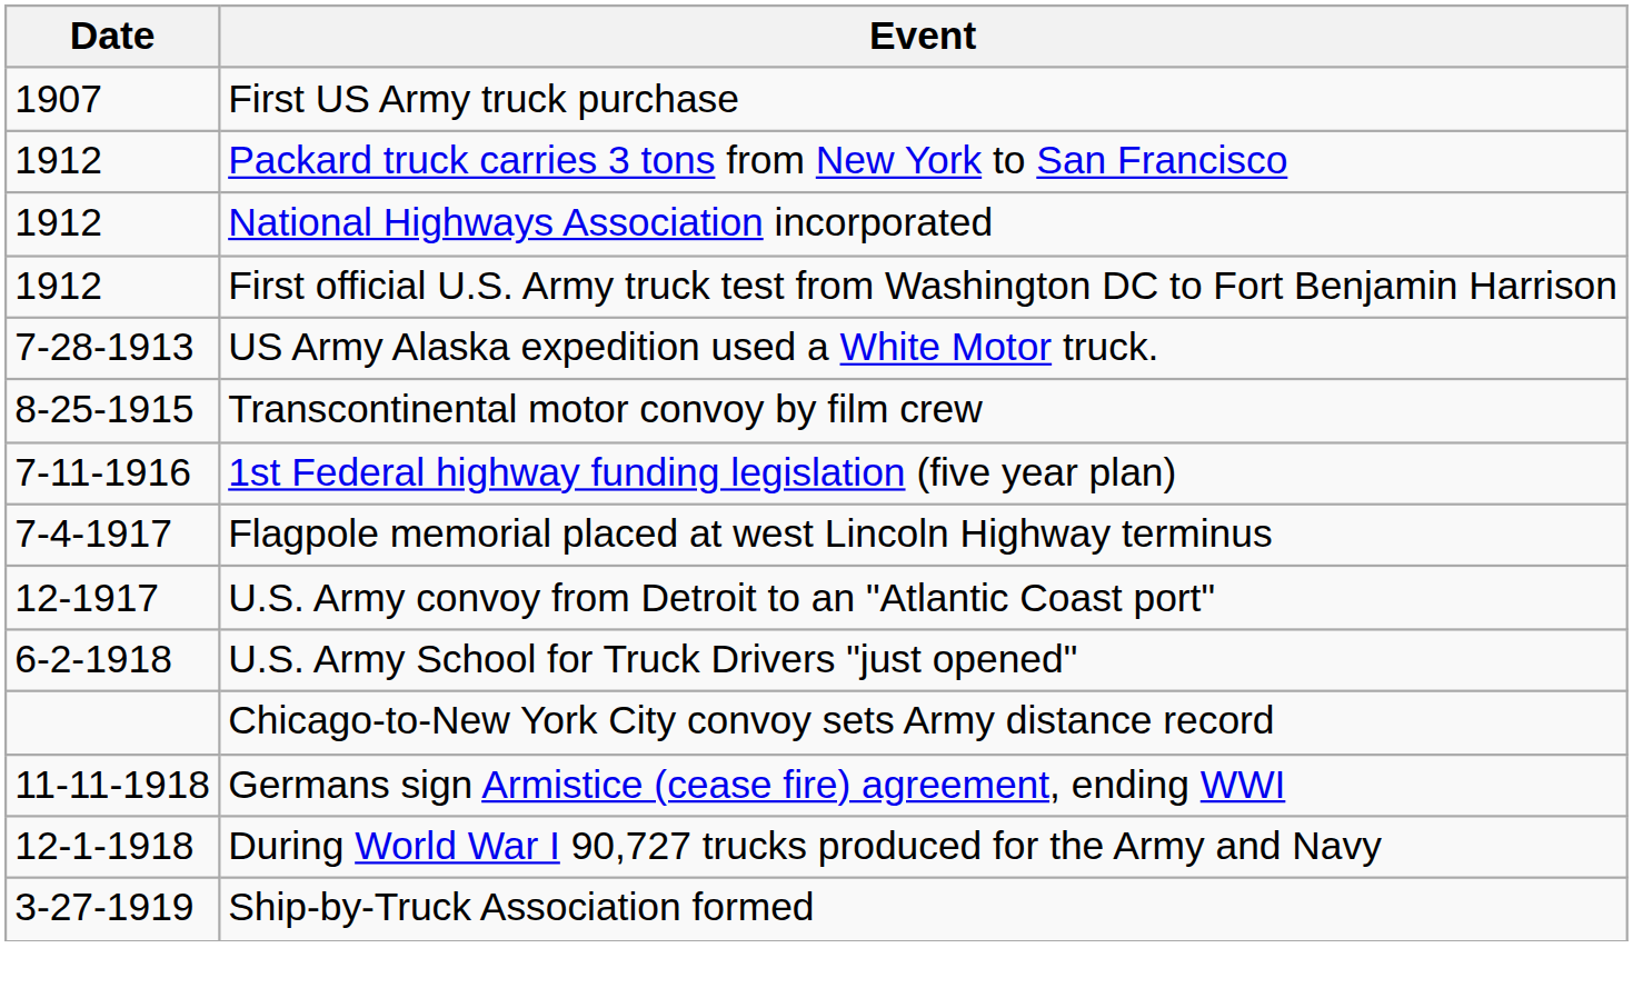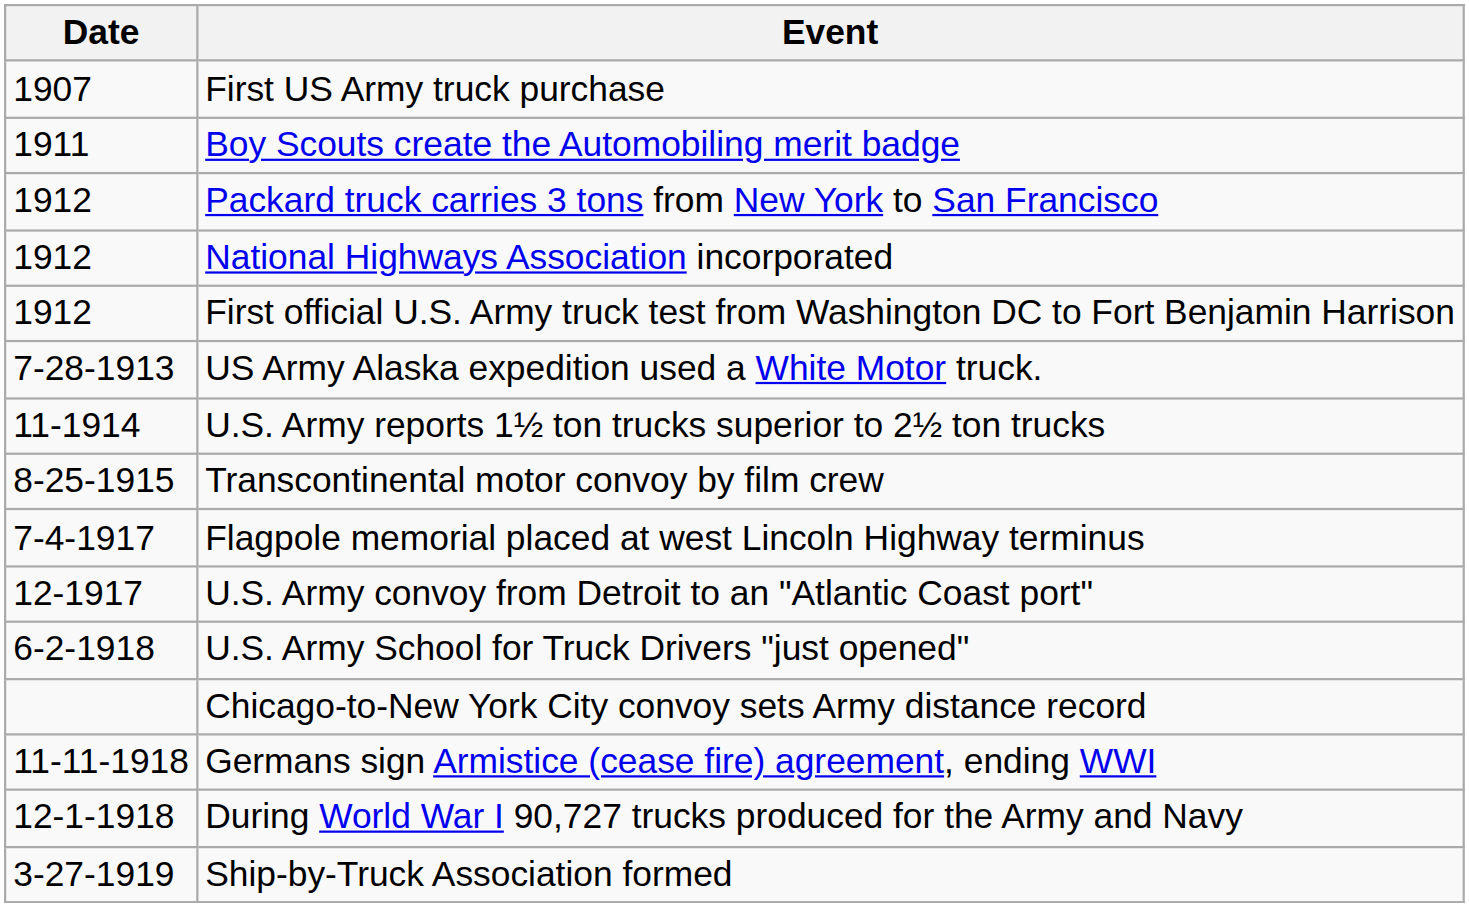 <table class="wikitable">
 <tr>
 <th>Date</th>
 <th>Event</th>
 </tr>
 <tr>
 <td>1907</td>
 <td>First US Army truck purchase</td>
+</tr>
+<tr>
+<td>1911</td>
+<td><a href='#'>Boy Scouts create the Automobiling merit badge</a></td>
 </tr>
 <tr>
 <td>1912</td>
 <td><a href='#'>Packard truck carries 3 tons</a> from <a href='#'>New York</a> to <a href='#'>San Francisco</a></td>
 </tr>
 <tr>
 <td>1912</td>
 <td><a href='#'>National Highways Association</a> incorporated </td>
 </tr>
 <tr>
 <td>1912</td>
 <td>First official U.S. Army truck test from Washington DC to Fort Benjamin Harrison</td>
 </tr>
 <tr>
 <td>7-28-1913</td>
 <td>US Army Alaska expedition used a <a href='#'>White Motor</a> truck.</td>
 </tr>
 <tr>
+<td>11-1914</td>
+<td>U.S. Army reports 1½ ton trucks superior to 2½ ton trucks</td>
+</tr>
+<tr>
 <td>8-25-1915</td>
 <td>Transcontinental motor convoy by film crew</td>
-</tr>
-<tr>
-<td>7-11-1916</td>
-<td><a href='#'>1st Federal highway funding legislation</a> (five year plan)</td>
 </tr>
 <tr>
 <td>7-4-1917</td>
 <td>Flagpole memorial placed at west Lincoln Highway terminus</td>
 </tr>
 <tr>
 <td>12-1917</td>
 <td>U.S. Army convoy from Detroit to an "Atlantic Coast port"</td>
 </tr>
 <tr>
 <td>6-2-1918</td>
 <td>U.S. Army School for Truck Drivers "just opened"</td>
 </tr>
 <tr>
 <td></td>
 <td>Chicago-to-New York City convoy sets Army distance record</td>
 </tr>
 <tr>
 <td>11-11-1918</td>
 <td>Germans sign <a href='#'>Armistice (cease fire) agreement</a>, ending <a href='#'>WWI</a></td>
 </tr>
 <tr>
 <td>12-1-1918</td>
 <td>During <a href='#'>World War I</a> 90,727 trucks produced for the Army and Navy</td>
 </tr>
 <tr>
 <td>3-27-1919</td>
 <td>Ship-by-Truck Association formed</td>
 </tr>
 <tr>
 </tr>
 </table>
